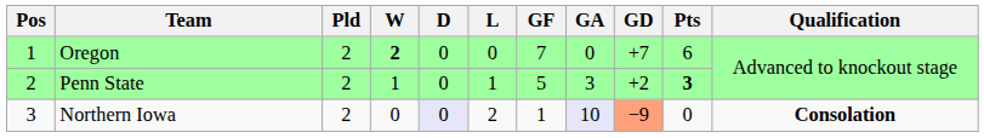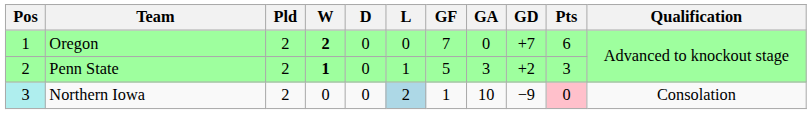 <table class="wikitable" style="text-align:center; margin: 1em auto">
 <tr>
 <th style="width:2em">Pos</th>
 <th style="width:13em">Team</th>
 <th style="width:2em">Pld</th>
 <th style="width:2em">W</th>
 <th style="width:2em">D</th>
 <th style="width:2em">L</th>
 <th style="width:2em">GF</th>
 <th style="width:2em">GA</th>
 <th style="width:2em">GD</th>
 <th style="width:2em">Pts</th>
 <th style="width:13em">Qualification</th>
 </tr>
 <tr bgcolor="#9eff9e">
 <td>1</td>
 <td style="text-align:left">Oregon</td>
 <td>2</td>
 <td><strong>2</strong></td>
 <td>0</td>
 <td>0</td>
 <td>7</td>
 <td>0</td>
 <td>+7</td>
 <td>6</td>
 <td rowspan="2">Advanced to knockout stage</td>
 </tr>
 <tr bgcolor="#9eff9e">
 <td>2</td>
 <td style="text-align:left">Penn State</td>
 <td>2</td>
-<td>1</td>
+<td><strong>1</strong></td>
 <td>0</td>
 <td>1</td>
 <td>5</td>
 <td>3</td>
 <td>+2</td>
-<td><strong>3</strong></td>
+<td>3</td>
 </tr>
 <tr>
-<td>3</td>
+<td style="background: paleturquoise;">3</td>
 <td style="text-align:left">Northern Iowa</td>
 <td>2</td>
 <td>0</td>
-<td style="background: lavender;">0</td>
-<td>2</td>
+<td>0</td>
+<td style="background: lightblue;">2</td>
 <td>1</td>
-<td style="background: lavender;">10</td>
-<td style="background: lightsalmon;">−9</td>
-<td>0</td>
-<td><strong>Consolation</strong></td>
+<td>10</td>
+<td>−9</td>
+<td style="background: pink;">0</td>
+<td>Consolation</td>
 </tr>
 </table>
